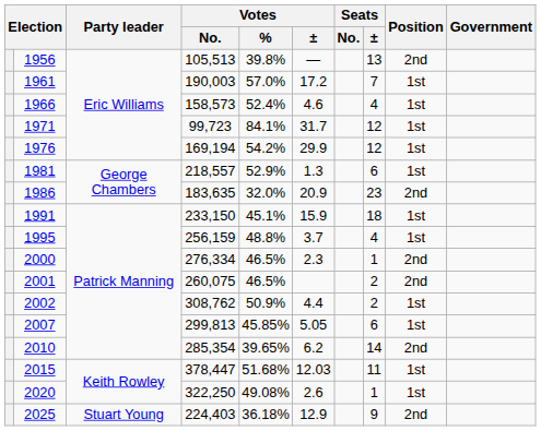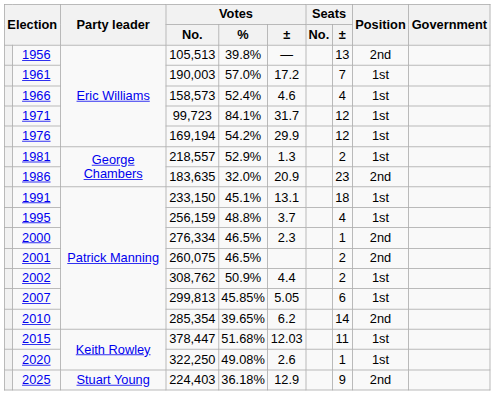 <table class="wikitable" style="text-align:center">
 <tr>
 <th colspan="2" rowspan="2"><strong>Election</strong></th>
 <th rowspan="2"><strong>Party leader</strong></th>
 <th colspan="3">Votes</th>
 <th colspan="2">Seats</th>
 <th rowspan="2"><strong>Position</strong></th>
 <th rowspan="2">Government</th>
 </tr>
 <tr>
 <th>No.</th>
 <th><strong>%</strong></th>
 <th>±</th>
 <th><strong>No.</strong></th>
 <th>±</th>
 </tr>
 <tr>
 <th style="background-color: "></th>
 <td><a href='#'>1956</a></td>
 <td rowspan="5"><a href='#'>Eric Williams</a></td>
 <td>105,513</td>
 <td>39.8%</td>
 <td>—</td>
 <td></td>
 <td> 13</td>
 <td> 2nd</td>
 <td></td>
 </tr>
 <tr>
 <th style="background-color: "></th>
 <td><a href='#'>1961</a></td>
 <td>190,003</td>
 <td>57.0%</td>
 <td> 17.2</td>
 <td></td>
 <td> 7</td>
 <td> 1st</td>
 <td></td>
 </tr>
 <tr>
 <th style="background-color: "></th>
 <td><a href='#'>1966</a></td>
 <td>158,573</td>
 <td>52.4%</td>
 <td> 4.6</td>
 <td></td>
 <td> 4</td>
 <td> 1st</td>
 <td></td>
 </tr>
 <tr>
 <th style="background-color: "></th>
 <td><a href='#'>1971</a></td>
 <td>99,723</td>
 <td>84.1%</td>
 <td> 31.7</td>
 <td></td>
 <td> 12</td>
 <td> 1st</td>
 <td></td>
 </tr>
 <tr>
 <th style="background-color: "></th>
 <td><a href='#'>1976</a></td>
 <td>169,194</td>
 <td>54.2%</td>
 <td> 29.9</td>
 <td></td>
 <td> 12</td>
 <td> 1st</td>
 <td></td>
 </tr>
 <tr>
 <th style="background-color: "></th>
 <td><a href='#'>1981</a></td>
 <td rowspan="2"><a href='#'>George Chambers</a></td>
 <td>218,557</td>
 <td>52.9%</td>
 <td> 1.3</td>
 <td></td>
-<td> 6</td>
+<td> 2</td>
 <td> 1st</td>
 <td></td>
 </tr>
 <tr>
 <th style="background-color: "></th>
 <td><a href='#'>1986</a></td>
 <td>183,635</td>
 <td>32.0%</td>
 <td> 20.9</td>
 <td></td>
 <td> 23</td>
 <td> 2nd</td>
 <td></td>
 </tr>
 <tr>
 <th style="background-color: "></th>
 <td><a href='#'>1991</a></td>
 <td rowspan="7"><a href='#'>Patrick Manning</a></td>
 <td>233,150</td>
 <td>45.1%</td>
-<td> 15.9</td>
+<td> 13.1</td>
 <td></td>
 <td> 18</td>
 <td> 1st</td>
 <td></td>
 </tr>
 <tr>
 <th style="background-color: "></th>
 <td><a href='#'>1995</a></td>
 <td>256,159</td>
 <td>48.8%</td>
 <td> 3.7</td>
 <td></td>
 <td> 4</td>
 <td> 1st</td>
 <td></td>
 </tr>
 <tr>
 <th style="background-color: "></th>
 <td><a href='#'>2000</a></td>
 <td>276,334</td>
 <td>46.5%</td>
 <td> 2.3</td>
 <td></td>
 <td> 1</td>
 <td> 2nd</td>
 <td></td>
 </tr>
 <tr>
 <th style="background-color: "></th>
 <td><a href='#'>2001</a></td>
 <td>260,075</td>
 <td>46.5%</td>
 <td></td>
 <td></td>
 <td> 2</td>
 <td> 2nd</td>
 <td></td>
 </tr>
 <tr>
 <th style="background-color: "></th>
 <td><a href='#'>2002</a></td>
 <td>308,762</td>
 <td>50.9%</td>
 <td> 4.4</td>
 <td></td>
 <td> 2</td>
 <td> 1st</td>
 <td></td>
 </tr>
 <tr>
 <th style="background-color: "></th>
 <td><a href='#'>2007</a></td>
 <td>299,813</td>
 <td>45.85%</td>
 <td> 5.05</td>
 <td></td>
 <td> 6</td>
 <td> 1st</td>
 <td></td>
 </tr>
 <tr>
 <th style="background-color: "></th>
 <td><a href='#'>2010</a></td>
 <td>285,354</td>
 <td>39.65%</td>
 <td> 6.2</td>
 <td></td>
 <td> 14</td>
 <td> 2nd</td>
 <td></td>
 </tr>
 <tr>
 <th style="background-color: "></th>
 <td><a href='#'>2015</a></td>
 <td rowspan="2"><a href='#'>Keith Rowley</a></td>
 <td>378,447</td>
 <td>51.68%</td>
 <td> 12.03</td>
 <td></td>
 <td> 11</td>
 <td> 1st</td>
 <td></td>
 </tr>
 <tr>
 <th style="background-color: "></th>
 <td><a href='#'>2020</a></td>
 <td>322,250</td>
 <td>49.08%</td>
 <td> 2.6</td>
 <td></td>
 <td> 1</td>
 <td> 1st</td>
 <td></td>
 </tr>
 <tr>
 <th style="background-color: "></th>
 <td><a href='#'>2025</a></td>
 <td><a href='#'>Stuart Young</a></td>
 <td>224,403</td>
 <td>36.18%</td>
 <td> 12.9</td>
 <td></td>
 <td> 9</td>
 <td> 2nd</td>
 <td></td>
 </tr>
 </table>
